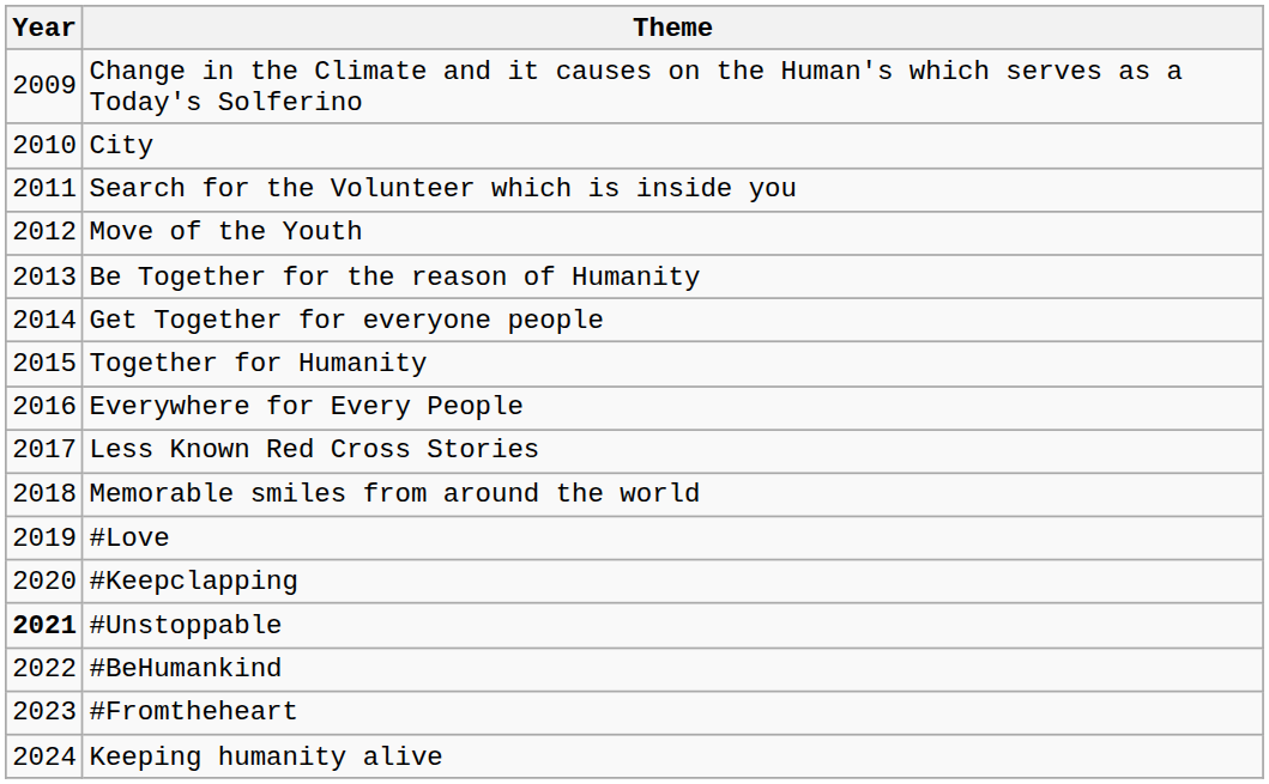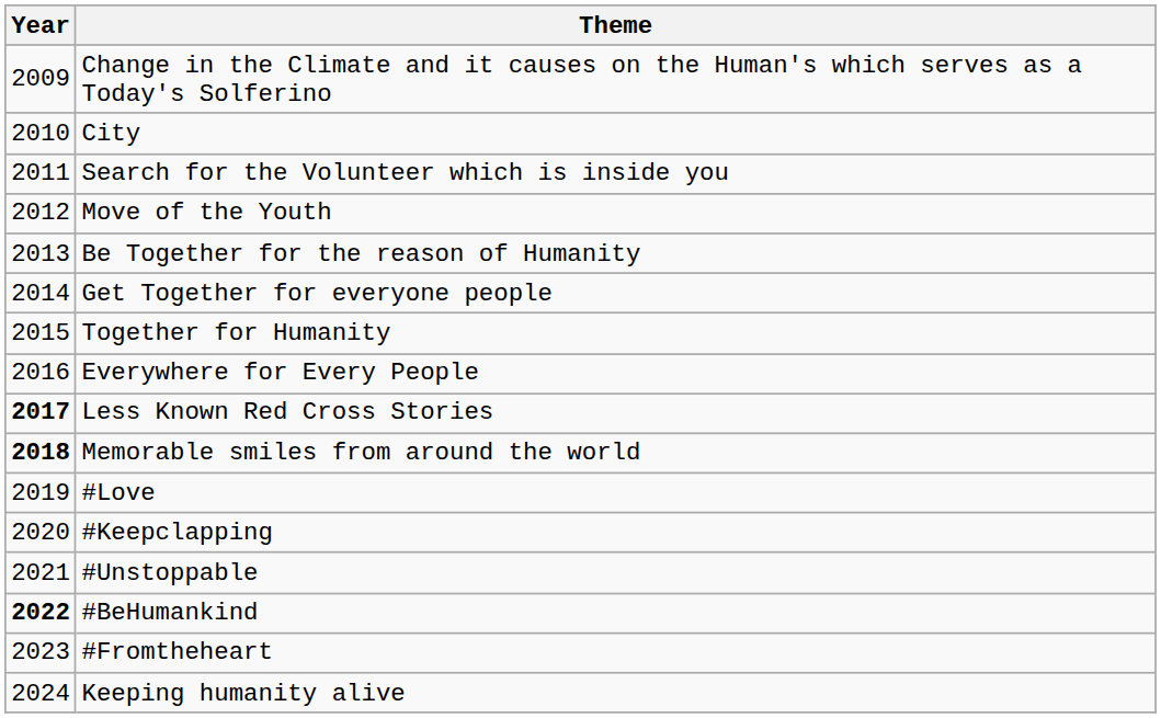 <table class="wikitable">
 <tr>
 <th>Year</th>
 <th>Theme</th>
 </tr>
 <tr>
 <td>2009</td>
 <td>Change in the Climate and it causes on the Human's which serves as a Today's Solferino</td>
 </tr>
 <tr>
 <td>2010</td>
 <td>City</td>
 </tr>
 <tr>
 <td>2011</td>
 <td>Search for the Volunteer which is inside you</td>
 </tr>
 <tr>
 <td>2012</td>
 <td>Move of the Youth</td>
 </tr>
 <tr>
 <td>2013</td>
 <td>Be Together for the reason of Humanity</td>
 </tr>
 <tr>
 <td>2014</td>
 <td>Get Together for everyone people</td>
 </tr>
 <tr>
 <td>2015</td>
 <td>Together for Humanity</td>
 </tr>
 <tr>
 <td>2016</td>
 <td>Everywhere for Every People</td>
 </tr>
 <tr>
-<td>2017</td>
+<td><strong>2017</strong></td>
 <td>Less Known Red Cross Stories</td>
 </tr>
 <tr>
-<td>2018</td>
+<td><strong>2018</strong></td>
 <td>Memorable smiles from around the world</td>
 </tr>
 <tr>
 <td>2019</td>
 <td>#Love</td>
 </tr>
 <tr>
 <td>2020</td>
 <td>#Keepclapping</td>
 </tr>
 <tr>
-<td><strong>2021</strong></td>
+<td>2021</td>
 <td>#Unstoppable</td>
 </tr>
 <tr>
-<td>2022</td>
+<td><strong>2022</strong></td>
 <td>#BeHumankind</td>
 </tr>
 <tr>
 <td>2023</td>
 <td>#Fromtheheart</td>
 </tr>
 <tr>
 <td>2024</td>
 <td>Keeping humanity alive</td>
 </tr>
 </table>
